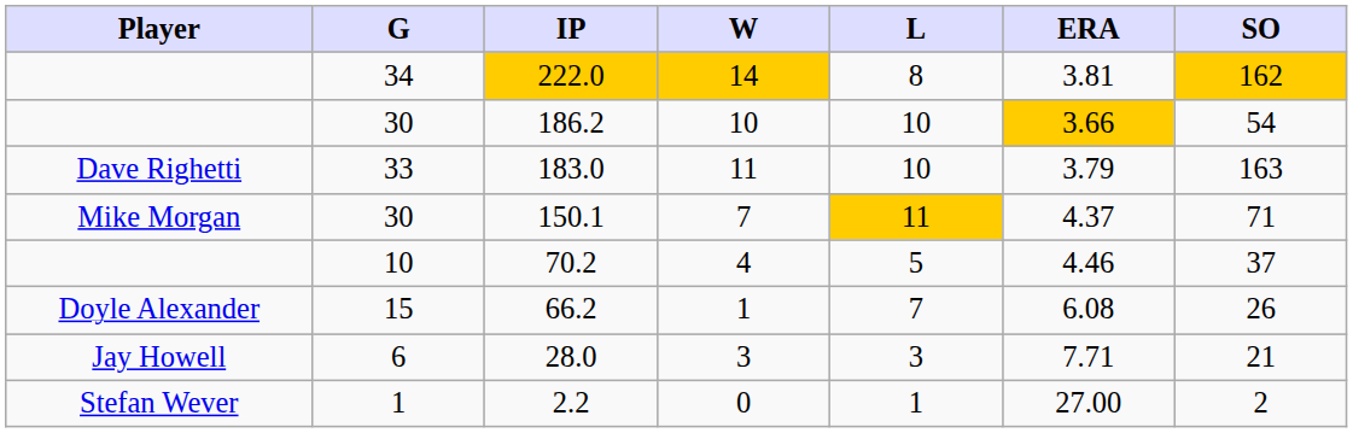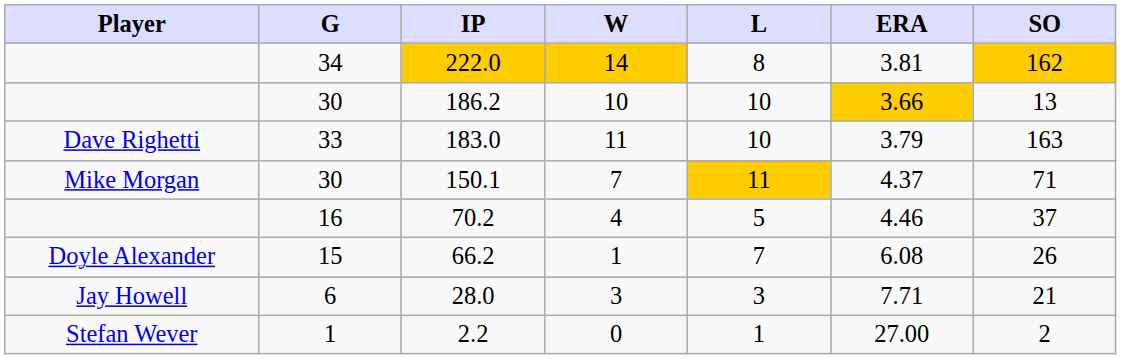 <table class="wikitable sortable">
 <tr>
 <th style="background:#ddf; width:16%;">Player</th>
 <th style="background:#ddf; width:9%;">G</th>
 <th style="background:#ddf; width:9%;">IP</th>
 <th style="background:#ddf; width:9%;">W</th>
 <th style="background:#ddf; width:9%;">L</th>
 <th style="background:#ddf; width:9%;">ERA</th>
 <th style="background:#ddf; width:9%;">SO</th>
 </tr>
 <tr style="text-align:center;">
 <td></td>
 <td>34</td>
 <td style="background:#fc0;">222.0</td>
 <td style="background:#fc0;">14</td>
 <td>8</td>
 <td>3.81</td>
 <td style="background:#fc0;">162</td>
 </tr>
 <tr style="text-align:center;">
 <td></td>
 <td>30</td>
 <td>186.2</td>
 <td>10</td>
 <td>10</td>
 <td style="background:#fc0;">3.66</td>
-<td>54</td>
+<td>13</td>
 </tr>
 <tr style="text-align:center;">
 <td><a href='#'>Dave Righetti</a></td>
 <td>33</td>
 <td>183.0</td>
 <td>11</td>
 <td>10</td>
 <td>3.79</td>
 <td>163</td>
 </tr>
 <tr align=center>
 <td><a href='#'>Mike Morgan</a></td>
 <td>30</td>
 <td>150.1</td>
 <td>7</td>
 <td style="background:#fc0;">11</td>
 <td>4.37</td>
 <td>71</td>
 </tr>
 <tr align=center>
 <td></td>
-<td>10</td>
+<td>16</td>
 <td>70.2</td>
 <td>4</td>
 <td>5</td>
 <td>4.46</td>
 <td>37</td>
 </tr>
 <tr align=center>
 <td><a href='#'>Doyle Alexander</a></td>
 <td>15</td>
 <td>66.2</td>
 <td>1</td>
 <td>7</td>
 <td>6.08</td>
 <td>26</td>
 </tr>
 <tr align=center>
 <td><a href='#'>Jay Howell</a></td>
 <td>6</td>
 <td>28.0</td>
 <td>3</td>
 <td>3</td>
 <td>7.71</td>
 <td>21</td>
 </tr>
 <tr align=center>
 <td><a href='#'>Stefan Wever</a></td>
 <td>1</td>
 <td>2.2</td>
 <td>0</td>
 <td>1</td>
 <td>27.00</td>
 <td>2</td>
 </tr>
 </table>
